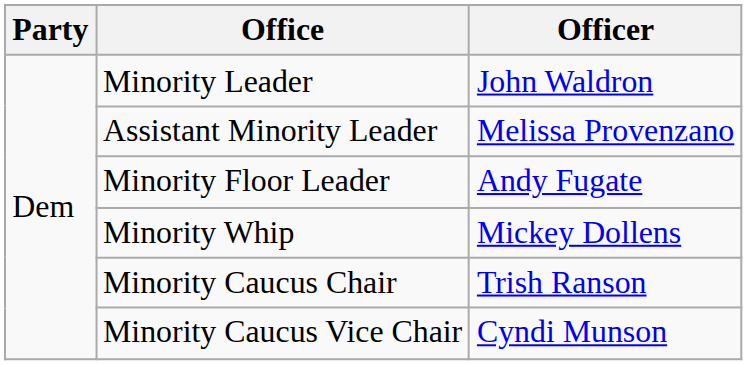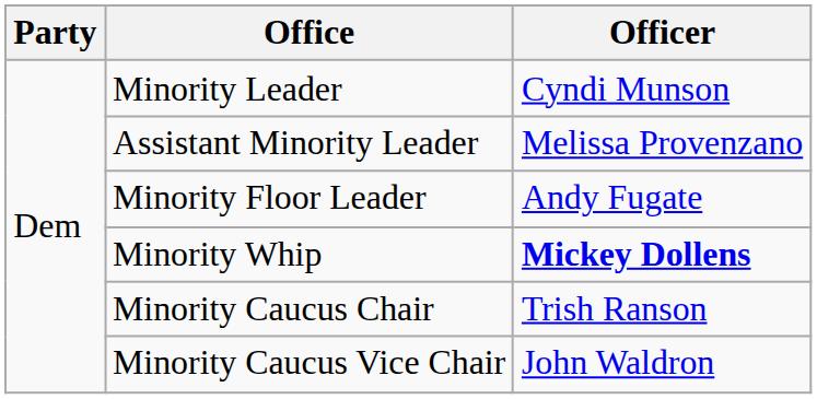 <table class=wikitable>
 <tr>
 <th>Party</th>
 <th>Office</th>
 <th>Officer</th>
 </tr>
 <tr>
 <td rowspan=9 style="background: ">Dem</td>
 <td>Minority Leader</td>
-<td><a href='#'>John Waldron</a></td>
+<td><a href='#'>Cyndi Munson</a></td>
 </tr>
 <tr>
 <td>Assistant Minority Leader</td>
 <td><a href='#'>Melissa Provenzano</a></td>
 </tr>
 <tr>
 <td>Minority Floor Leader</td>
 <td><a href='#'>Andy Fugate</a></td>
 </tr>
 <tr>
 <td>Minority Whip</td>
-<td><a href='#'>Mickey Dollens</a></td>
+<td><strong><a href='#'>Mickey Dollens</a></strong></td>
 </tr>
 <tr>
 <td>Minority Caucus Chair</td>
 <td><a href='#'>Trish Ranson</a></td>
 </tr>
 <tr>
 <td>Minority Caucus Vice Chair</td>
-<td><a href='#'>Cyndi Munson</a></td>
+<td><a href='#'>John Waldron</a></td>
 </tr>
 </table>
